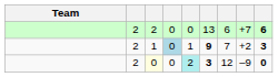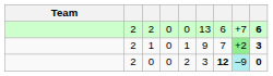 <table class="wikitable" style="text-align: center;">
 <tr>
 <th style="width:175px;">Team</th>
 <th width="20"></th>
 <th width="20"></th>
 <th width="20"></th>
 <th width="20"></th>
 <th width="20"></th>
 <th width="20"></th>
 <th width="20"></th>
 <th width="20"></th>
 </tr>
 <tr style="background:#cfc;">
 <td align=left></td>
 <td>2</td>
 <td>2</td>
 <td>0</td>
 <td>0</td>
 <td>13</td>
 <td>6</td>
 <td>+7</td>
 <td><strong>6</strong></td>
 </tr>
 <tr>
 <td align=left></td>
 <td>2</td>
 <td>1</td>
-<td style="background: lightblue;">0</td>
+<td>0</td>
 <td>1</td>
-<td><strong>9</strong></td>
+<td>9</td>
 <td>7</td>
-<td>+2</td>
+<td style="background: lightgreen;">+2</td>
 <td><strong>3</strong></td>
 </tr>
 <tr>
 <td align=left></td>
 <td>2</td>
-<td style="background: lightyellow;">0</td>
 <td>0</td>
-<td style="background: paleturquoise;">2</td>
-<td><strong>3</strong></td>
-<td>12</td>
-<td>–9</td>
+<td>0</td>
+<td>2</td>
+<td>3</td>
+<td><strong>12</strong></td>
+<td style="background: paleturquoise;">–9</td>
 <td><strong>0</strong></td>
 </tr>
 </table>
